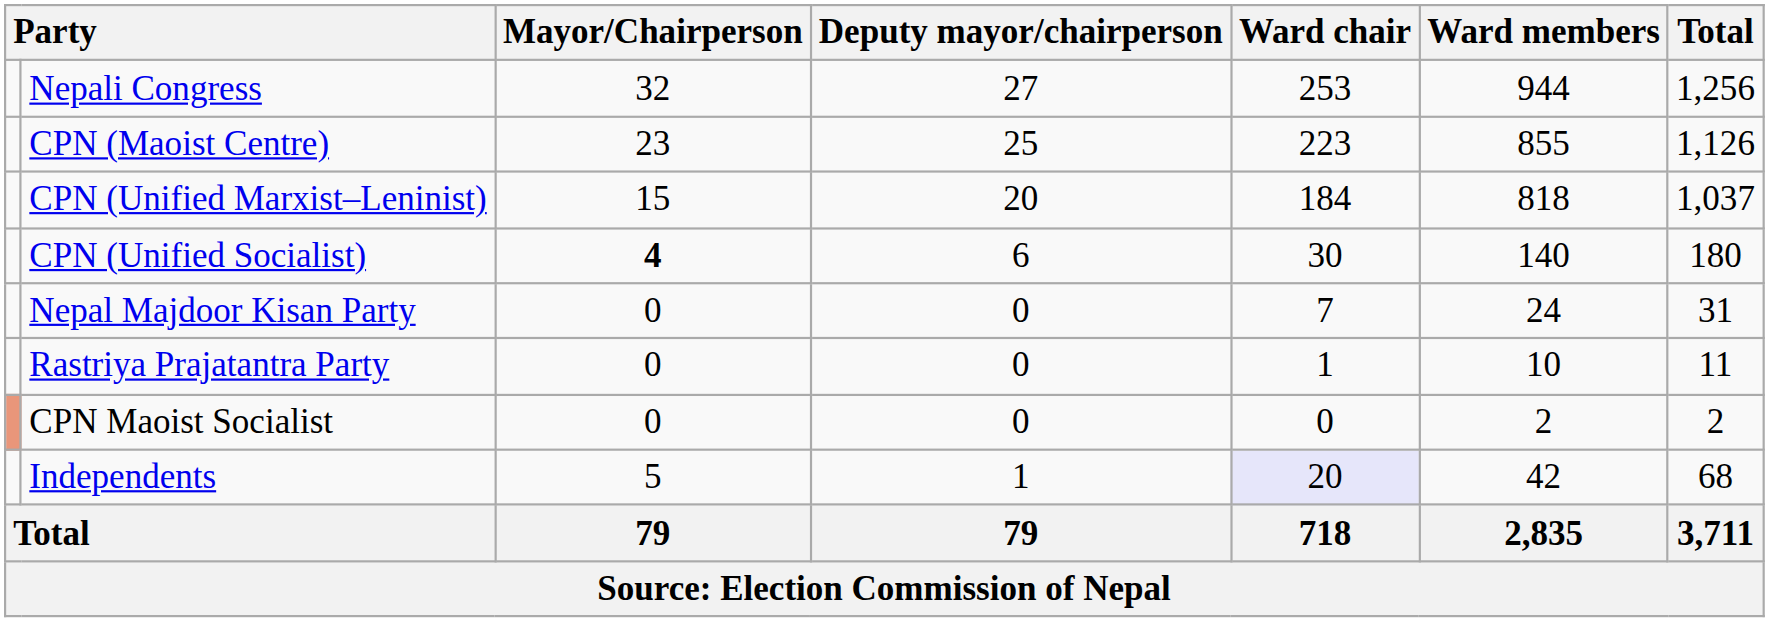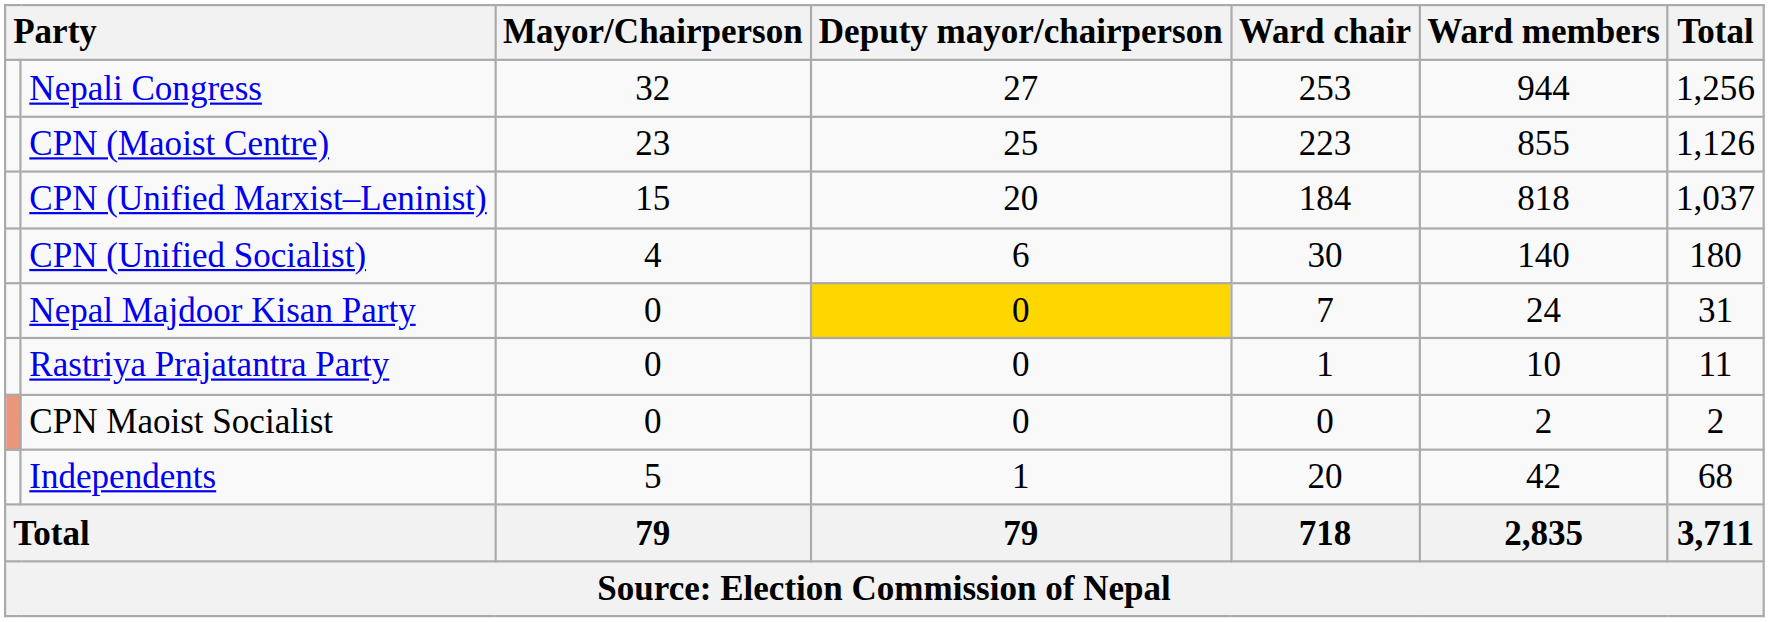 <table class="wikitable sortable" style="text-align:right">
 <tr>
 <th colspan="2" style="text-align:left;">Party</th>
 <th>Mayor/Chairperson</th>
 <th>Deputy mayor/chairperson</th>
 <th>Ward chair</th>
 <th>Ward members</th>
 <th>Total</th>
 </tr>
 <tr>
 <td style="background-color:"></td>
 <td style="text-align:left;"><a href='#'>Nepali Congress</a></td>
 <td style="text-align:center;">32</td>
 <td style="text-align:center;">27</td>
 <td style="text-align:center;">253</td>
 <td style="text-align:center;">944</td>
 <td style="text-align:center;">1,256</td>
 </tr>
 <tr>
 <td style="background-color:"></td>
 <td style="text-align:left;"><a href='#'>CPN (Maoist Centre)</a></td>
 <td style="text-align:center;">23</td>
 <td style="text-align:center;">25</td>
 <td style="text-align:center;">223</td>
 <td style="text-align:center;">855</td>
 <td style="text-align:center;">1,126</td>
 </tr>
 <tr>
 <td style="background-color:"></td>
 <td style="text-align:left;"><a href='#'>CPN (Unified Marxist–Leninist)</a></td>
 <td style="text-align:center;">15</td>
 <td style="text-align:center;">20</td>
 <td style="text-align:center;">184</td>
 <td style="text-align:center;">818</td>
 <td style="text-align:center;">1,037</td>
 </tr>
 <tr>
 <td style="background-color:"></td>
 <td style="text-align:left;"><a href='#'>CPN (Unified Socialist)</a></td>
-<td style="text-align:center;"><strong>4</strong></td>
+<td style="text-align:center;">4</td>
 <td style="text-align:center;">6</td>
 <td style="text-align:center;">30</td>
 <td style="text-align:center;">140</td>
 <td style="text-align:center;">180</td>
 </tr>
 <tr>
 <td style="background-color:"></td>
 <td style="text-align:left;"><a href='#'>Nepal Majdoor Kisan Party</a></td>
 <td style="text-align:center;">0</td>
-<td style="text-align:center;">0</td>
+<td style="background: gold; text-align:center;">0</td>
 <td style="text-align:center;">7</td>
 <td style="text-align:center;">24</td>
 <td style="text-align:center;">31</td>
 </tr>
 <tr>
 <td style="background-color:"></td>
 <td style="text-align:left;"><a href='#'>Rastriya Prajatantra Party</a></td>
 <td style="text-align:center;">0</td>
 <td style="text-align:center;">0</td>
 <td style="text-align:center;">1</td>
 <td style="text-align:center;">10</td>
 <td style="text-align:center;">11</td>
 </tr>
 <tr>
 <td style="background-color:darksalmon"></td>
 <td style="text-align:left;">CPN Maoist Socialist</td>
 <td style="text-align:center;">0</td>
 <td style="text-align:center;">0</td>
 <td style="text-align:center;">0</td>
 <td style="text-align:center;">2</td>
 <td style="text-align:center;">2</td>
 </tr>
 <tr>
 <td style="background-color:"></td>
 <td style="text-align:left;"><a href='#'>Independents</a></td>
 <td style="text-align:center;">5</td>
 <td style="text-align:center;">1</td>
-<td style="background: lavender; text-align:center;">20</td>
+<td style="text-align:center;">20</td>
 <td style="text-align:center;">42</td>
 <td style="text-align:center;">68</td>
 </tr>
 <tr>
 <th colspan="2" style="text-align:left;">Total</th>
 <th>79</th>
 <th>79</th>
 <th>718</th>
 <th>2,835</th>
 <th>3,711</th>
 </tr>
 <tr>
 <th colspan="7">Source: Election Commission of Nepal</th>
 </tr>
 </table>
